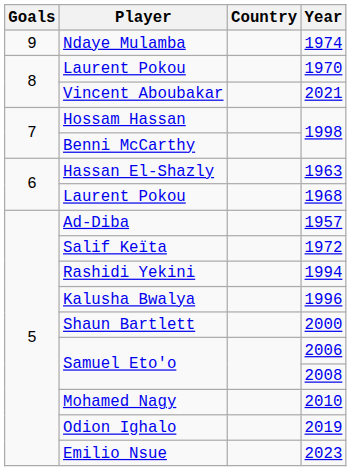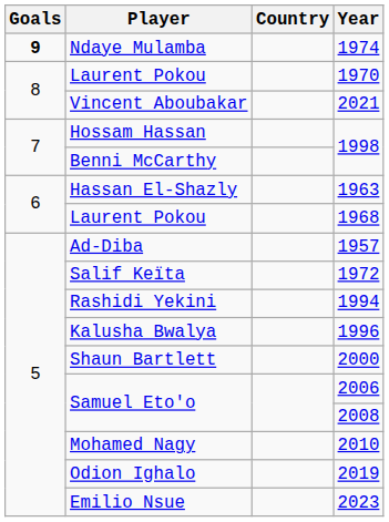 <table class="wikitable">
 <tr>
 <th>Goals</th>
 <th>Player</th>
 <th>Country</th>
 <th>Year</th>
 </tr>
 <tr>
-<td align=center>9</td>
+<td align=center><strong>9</strong></td>
 <td><a href='#'>Ndaye Mulamba</a></td>
 <td></td>
 <td><a href='#'>1974</a></td>
 </tr>
 <tr>
 <td rowspan=2 align=center>8</td>
 <td><a href='#'>Laurent Pokou</a></td>
 <td></td>
 <td><a href='#'>1970</a></td>
 </tr>
 <tr>
 <td><a href='#'>Vincent Aboubakar</a></td>
 <td></td>
 <td><a href='#'>2021</a></td>
 </tr>
 <tr>
 <td rowspan=2 align=center>7</td>
 <td><a href='#'>Hossam Hassan</a></td>
 <td></td>
 <td rowspan=2><a href='#'>1998</a></td>
 </tr>
 <tr>
 <td><a href='#'>Benni McCarthy</a></td>
 <td></td>
 </tr>
 <tr>
 <td rowspan=2 align=center>6</td>
 <td><a href='#'>Hassan El-Shazly</a></td>
 <td></td>
 <td><a href='#'>1963</a></td>
 </tr>
 <tr>
 <td><a href='#'>Laurent Pokou</a></td>
 <td></td>
 <td><a href='#'>1968</a></td>
 </tr>
 <tr>
 <td rowspan=10 align=center>5</td>
 <td><a href='#'>Ad-Diba</a></td>
 <td></td>
 <td><a href='#'>1957</a></td>
 </tr>
 <tr>
 <td><a href='#'>Salif Keïta</a></td>
 <td></td>
 <td><a href='#'>1972</a></td>
 </tr>
 <tr>
 <td><a href='#'>Rashidi Yekini</a></td>
 <td></td>
 <td><a href='#'>1994</a></td>
 </tr>
 <tr>
 <td><a href='#'>Kalusha Bwalya</a></td>
 <td></td>
 <td><a href='#'>1996</a></td>
 </tr>
 <tr>
 <td><a href='#'>Shaun Bartlett</a></td>
 <td></td>
 <td><a href='#'>2000</a></td>
 </tr>
 <tr>
 <td rowspan=2><a href='#'>Samuel Eto'o</a></td>
 <td rowspan=2></td>
 <td><a href='#'>2006</a></td>
 </tr>
 <tr>
 <td><a href='#'>2008</a></td>
 </tr>
 <tr>
 <td><a href='#'>Mohamed Nagy</a></td>
 <td></td>
 <td><a href='#'>2010</a></td>
 </tr>
 <tr>
 <td><a href='#'>Odion Ighalo</a></td>
 <td></td>
 <td><a href='#'>2019</a></td>
 </tr>
 <tr>
 <td><a href='#'>Emilio Nsue</a></td>
 <td></td>
 <td><a href='#'>2023</a></td>
 </tr>
 </table>
